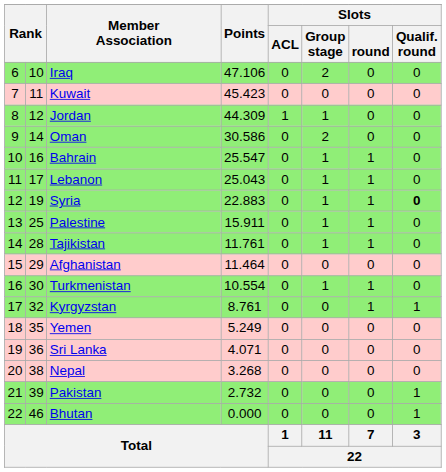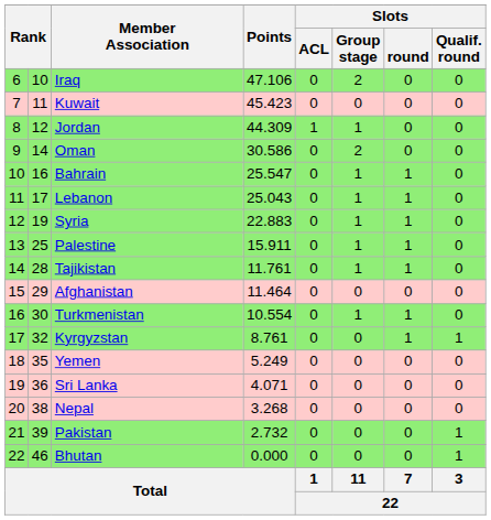 <table class="wikitable" style="text-align:center">
 <tr>
 </tr>
 <tr>
 <th colspan=2 rowspan=2>Rank</th>
 <th rowspan=2 width=200>Member<br>Association</th>
 <th rowspan=2>Points</th>
 <th colspan=4>Slots</th>
 </tr>
 <tr>
 <th>ACL<br></th>
 <th>Group<br>stage</th>
 <th><br>round</th>
 <th>Qualif.<br>round</th>
 </tr>
 <tr bgcolor=#90ee77>
 <td>6</td>
 <td>10</td>
 <td align=left> <a href='#'>Iraq</a></td>
 <td>47.106</td>
 <td>0</td>
 <td>2</td>
 <td>0</td>
 <td>0</td>
 </tr>
 <tr bgcolor=#ffcccc>
 <td>7</td>
 <td>11</td>
 <td align=left> <a href='#'>Kuwait</a></td>
 <td>45.423</td>
 <td>0</td>
 <td>0</td>
 <td>0</td>
 <td>0</td>
 </tr>
 <tr bgcolor=#90ee77>
 <td>8</td>
 <td>12</td>
 <td align=left> <a href='#'>Jordan</a></td>
 <td>44.309</td>
 <td>1</td>
 <td>1</td>
 <td>0</td>
 <td>0</td>
 </tr>
 <tr bgcolor=#90ee77>
 <td>9</td>
 <td>14</td>
 <td align=left> <a href='#'>Oman</a></td>
 <td>30.586</td>
 <td>0</td>
 <td>2</td>
 <td>0</td>
 <td>0</td>
 </tr>
 <tr bgcolor=#90ee77>
 <td>10</td>
 <td>16</td>
 <td align=left> <a href='#'>Bahrain</a></td>
 <td>25.547</td>
 <td>0</td>
 <td>1</td>
 <td>1</td>
 <td>0</td>
 </tr>
 <tr bgcolor=#90ee77>
 <td>11</td>
 <td>17</td>
 <td align=left> <a href='#'>Lebanon</a></td>
 <td>25.043</td>
 <td>0</td>
 <td>1</td>
 <td>1</td>
 <td>0</td>
 </tr>
 <tr bgcolor=#90ee77>
 <td>12</td>
 <td>19</td>
 <td align=left> <a href='#'>Syria</a></td>
 <td>22.883</td>
 <td>0</td>
 <td>1</td>
 <td>1</td>
-<td><strong>0</strong></td>
+<td>0</td>
 </tr>
 <tr bgcolor=#90ee77>
 <td>13</td>
 <td>25</td>
 <td align=left> <a href='#'>Palestine</a></td>
 <td>15.911</td>
 <td>0</td>
 <td>1</td>
 <td>1</td>
 <td>0</td>
 </tr>
 <tr bgcolor=#90ee77>
 <td>14</td>
 <td>28</td>
 <td align=left> <a href='#'>Tajikistan</a></td>
 <td>11.761</td>
 <td>0</td>
 <td>1</td>
 <td>1</td>
 <td>0</td>
 </tr>
 <tr bgcolor=#ffcccc>
 <td>15</td>
 <td>29</td>
 <td align=left> <a href='#'>Afghanistan</a></td>
 <td>11.464</td>
 <td>0</td>
 <td>0</td>
 <td>0</td>
 <td>0</td>
 </tr>
 <tr bgcolor=#90ee77>
 <td>16</td>
 <td>30</td>
 <td align=left> <a href='#'>Turkmenistan</a></td>
 <td>10.554</td>
 <td>0</td>
 <td>1</td>
 <td>1</td>
 <td>0</td>
 </tr>
 <tr bgcolor=#90ee77>
 <td>17</td>
 <td>32</td>
 <td align=left> <a href='#'>Kyrgyzstan</a></td>
 <td>8.761</td>
 <td>0</td>
 <td>0</td>
 <td>1</td>
 <td>1</td>
 </tr>
 <tr bgcolor=#ffcccc>
 <td>18</td>
 <td>35</td>
 <td align=left> <a href='#'>Yemen</a></td>
 <td>5.249</td>
 <td>0</td>
 <td>0</td>
 <td>0</td>
 <td>0</td>
 </tr>
 <tr bgcolor=#ffcccc>
 <td>19</td>
 <td>36</td>
 <td align=left> <a href='#'>Sri Lanka</a></td>
 <td>4.071</td>
 <td>0</td>
 <td>0</td>
 <td>0</td>
 <td>0</td>
 </tr>
 <tr bgcolor=#ffcccc>
 <td>20</td>
 <td>38</td>
 <td align=left> <a href='#'>Nepal</a></td>
 <td>3.268</td>
 <td>0</td>
 <td>0</td>
 <td>0</td>
 <td>0</td>
 </tr>
 <tr bgcolor=#90ee77>
 <td>21</td>
 <td>39</td>
 <td align=left> <a href='#'>Pakistan</a></td>
 <td>2.732</td>
 <td>0</td>
 <td>0</td>
 <td>0</td>
 <td>1</td>
 </tr>
 <tr bgcolor=#90ee77>
 <td>22</td>
 <td>46</td>
 <td align=left> <a href='#'>Bhutan</a></td>
 <td>0.000</td>
 <td>0</td>
 <td>0</td>
 <td>0</td>
 <td>1</td>
 </tr>
 <tr>
 <th colspan=4 rowspan=2>Total</th>
 <th>1</th>
 <th>11</th>
 <th>7</th>
 <th>3</th>
 </tr>
 <tr>
 <th colspan=4>22</th>
 </tr>
 </table>
